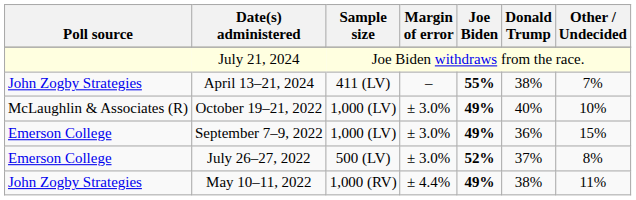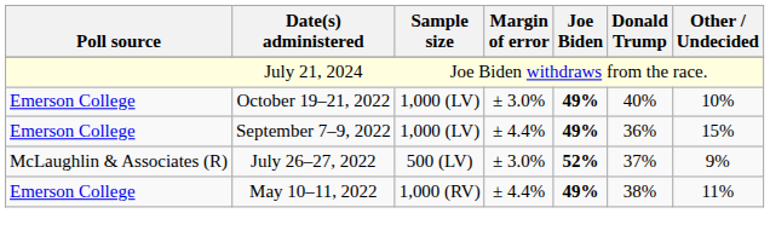 <table class="wikitable sortable mw-datatable" style="font-size:90%;text-align:center;line-height:17px">
 <tr style="vertical-align:bottom">
 <th>Poll source</th>
 <th>Date(s)<br>administered</th>
 <th>Sample<br>size</th>
 <th>Margin<br>of error</th>
 <th class="unsortable">Joe<br>Biden<br></th>
 <th class="unsortable">Donald<br>Trump<br></th>
 <th class="unsortable">Other /<br>Undecided</th>
 </tr>
 <tr>
 </tr>
 <tr style="background:lightyellow;">
 <td style="border-right-style:hidden;"></td>
 <td style="border-right-style:hidden; " data-sort-value="2024-07-21">July 21, 2024</td>
 <td colspan="5">Joe Biden <a href='#'>withdraws</a> from the race.</td>
 </tr>
 <tr>
-<td style="text-align:left;"><a href='#'>John Zogby Strategies</a></td>
-<td data-sort-value="2024-05-01">April 13–21, 2024</td>
-<td>411 (LV)</td>
-<td>–</td>
-<td style="color:black;background-color:"><strong>55%</strong></td>
-<td>38%</td>
-<td>7%</td>
-</tr>
-<tr>
-<td style="text-align:left;">McLaughlin & Associates (R)</td>
+<td style="text-align:left;"><a href='#'>Emerson College</a></td>
 <td data-sort-value="2022-10-21">October 19–21, 2022</td>
 <td>1,000 (LV)</td>
 <td>± 3.0%</td>
 <td style="color:black;background-color:"><strong>49%</strong></td>
 <td>40%</td>
 <td>10%</td>
 </tr>
 <tr>
 <td style="text-align:left;"><a href='#'>Emerson College</a></td>
 <td data-sort-value="2022-09-09">September 7–9, 2022</td>
 <td>1,000 (LV)</td>
-<td>± 3.0%</td>
+<td>± 4.4%</td>
 <td style="color:black;background-color:"><strong>49%</strong></td>
 <td>36%</td>
 <td>15%</td>
 </tr>
 <tr>
-<td style="text-align:left;"><a href='#'>Emerson College</a></td>
+<td style="text-align:left;">McLaughlin & Associates (R)</td>
 <td data-sort-value="2022-07-27">July 26–27, 2022</td>
 <td>500 (LV)</td>
 <td>± 3.0%</td>
 <td style="color:black;background-color:"><strong>52%</strong></td>
 <td>37%</td>
-<td>8%</td>
+<td>9%</td>
 </tr>
 <tr>
-<td style="text-align:left;"><a href='#'>John Zogby Strategies</a></td>
+<td style="text-align:left;"><a href='#'>Emerson College</a></td>
 <td data-sort-value="2022-05-11">May 10–11, 2022</td>
 <td>1,000 (RV)</td>
 <td>± 4.4%</td>
 <td style="color:black;background-color:"><strong>49%</strong></td>
 <td>38%</td>
 <td>11%</td>
 </tr>
 </table>
